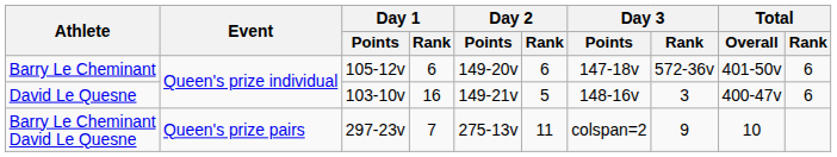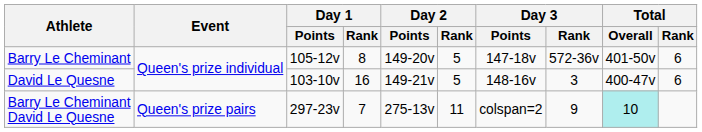 <table class="wikitable" style="font-size:90%">
 <tr>
 <th rowspan=2>Athlete</th>
 <th rowspan=2>Event</th>
 <th colspan=2>Day 1</th>
 <th colspan=2>Day 2</th>
 <th colspan=2>Day 3</th>
 <th colspan=2>Total</th>
 </tr>
 <tr style="font-size:95%">
 <th>Points</th>
 <th>Rank</th>
 <th>Points</th>
 <th>Rank</th>
 <th>Points</th>
 <th>Rank</th>
 <th>Overall</th>
 <th>Rank</th>
 </tr>
 <tr align=center>
 <td align=left><a href='#'>Barry Le Cheminant</a></td>
 <td align=left rowspan=2><a href='#'>Queen's prize individual</a></td>
 <td>105-12v</td>
-<td>6</td>
+<td>8</td>
 <td>149-20v</td>
-<td>6</td>
+<td>5</td>
 <td>147-18v</td>
 <td>572-36v</td>
 <td>401-50v</td>
 <td>6</td>
 </tr>
 <tr align=center>
 <td align=left><a href='#'>David Le Quesne</a></td>
 <td>103-10v</td>
 <td>16</td>
 <td>149-21v</td>
 <td>5</td>
 <td>148-16v</td>
 <td>3</td>
 <td>400-47v</td>
 <td>6</td>
 </tr>
 <tr align=center>
 <td align=left><a href='#'>Barry Le Cheminant</a><br><a href='#'>David Le Quesne</a></td>
 <td align=left><a href='#'>Queen's prize pairs</a></td>
 <td>297-23v</td>
 <td>7</td>
 <td>275-13v</td>
 <td>11</td>
 <td>colspan=2 </td>
 <td>9</td>
-<td>10</td>
+<td style="background: paleturquoise;">10</td>
 </tr>
 </table>
